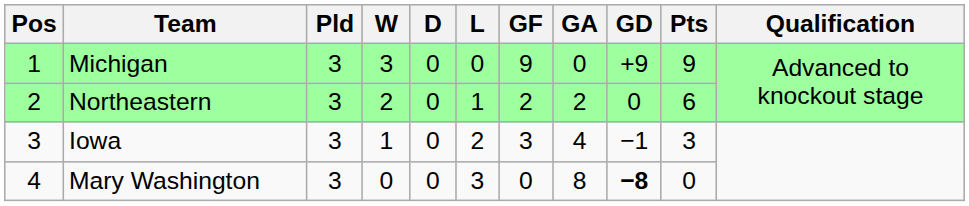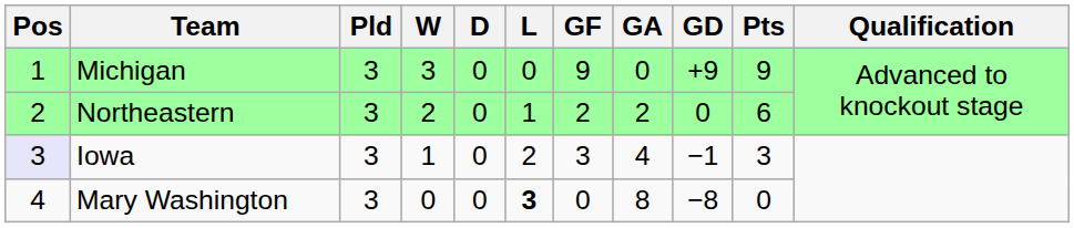 <table class="wikitable" style="text-align:center; margin: 1em auto">
 <tr>
 <th style="width:2em">Pos</th>
 <th style="width:13em">Team</th>
 <th style="width:2em">Pld</th>
 <th style="width:2em">W</th>
 <th style="width:2em">D</th>
 <th style="width:2em">L</th>
 <th style="width:2em">GF</th>
 <th style="width:2em">GA</th>
 <th style="width:2em">GD</th>
 <th style="width:2em">Pts</th>
 <th style="width:13em">Qualification</th>
 </tr>
 <tr bgcolor="#9eff9e">
 <td>1</td>
 <td style="text-align:left">Michigan</td>
 <td>3</td>
 <td>3</td>
 <td>0</td>
 <td>0</td>
 <td>9</td>
 <td>0</td>
 <td>+9</td>
 <td>9</td>
 <td rowspan="2">Advanced to knockout stage</td>
 </tr>
 <tr bgcolor="#9eff9e">
 <td>2</td>
 <td style="text-align:left">Northeastern</td>
 <td>3</td>
 <td>2</td>
 <td>0</td>
 <td>1</td>
 <td>2</td>
 <td>2</td>
 <td>0</td>
 <td>6</td>
 </tr>
 <tr>
-<td>3</td>
+<td style="background: lavender;">3</td>
 <td style="text-align:left">Iowa</td>
 <td>3</td>
 <td>1</td>
 <td>0</td>
 <td>2</td>
 <td>3</td>
 <td>4</td>
 <td>−1</td>
 <td>3</td>
 </tr>
 <tr>
 <td>4</td>
 <td style="text-align:left">Mary Washington</td>
 <td>3</td>
 <td>0</td>
 <td>0</td>
-<td>3</td>
+<td><strong>3</strong></td>
 <td>0</td>
 <td>8</td>
-<td><strong>−8</strong></td>
+<td>−8</td>
 <td>0</td>
 </tr>
 </table>
